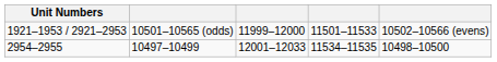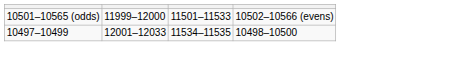 <table class="wikitable">
 <tr>
-<th>Unit Numbers</th>
 <th></th>
 <th></th>
 <th></th>
 <th></th>
 </tr>
 <tr>
-<td>1921–1953 / 2921–2953</td>
 <td>10501–10565 (odds)</td>
 <td>11999–12000</td>
 <td>11501–11533</td>
 <td>10502–10566 (evens)</td>
 </tr>
 <tr>
-<td>2954–2955</td>
 <td>10497–10499</td>
 <td>12001–12033</td>
 <td>11534–11535</td>
 <td>10498–10500</td>
 </tr>
 </table>
